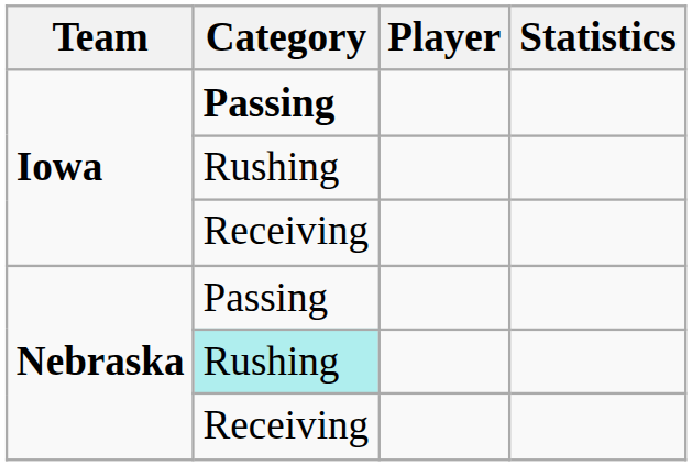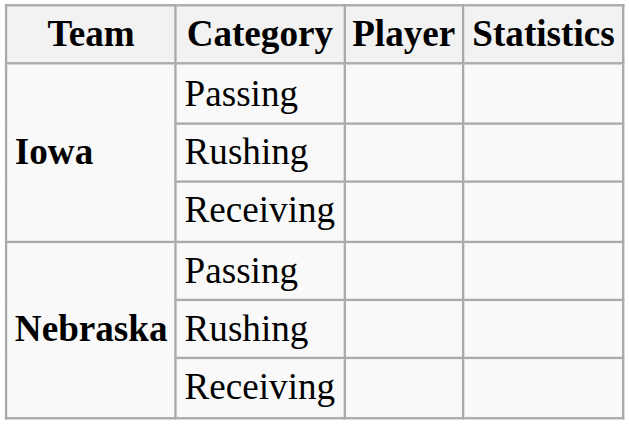 <table class="wikitable" style="float: right;">
 <tr>
 <th>Team</th>
 <th>Category</th>
 <th>Player</th>
 <th>Statistics</th>
 </tr>
 <tr>
 <td rowspan=3><strong>Iowa</strong></td>
-<td><strong>Passing</strong></td>
+<td>Passing</td>
 <td></td>
 <td></td>
 </tr>
 <tr>
 <td>Rushing</td>
 <td></td>
 <td></td>
 </tr>
 <tr>
 <td>Receiving</td>
 <td></td>
 <td></td>
 </tr>
 <tr>
 <td rowspan=3><strong>Nebraska</strong></td>
 <td>Passing</td>
 <td></td>
 <td></td>
 </tr>
 <tr>
-<td style="background: paleturquoise;">Rushing</td>
+<td>Rushing</td>
 <td></td>
 <td></td>
 </tr>
 <tr>
 <td>Receiving</td>
 <td></td>
 <td></td>
 </tr>
 </table>
